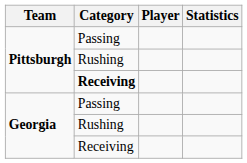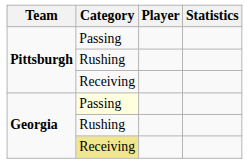 <table class="wikitable" style="float: right;">
 <tr>
 <th>Team</th>
 <th>Category</th>
 <th>Player</th>
 <th>Statistics</th>
 </tr>
 <tr>
 <td rowspan=3><strong>Pittsburgh</strong></td>
 <td>Passing</td>
 <td></td>
 <td></td>
 </tr>
 <tr>
 <td>Rushing</td>
 <td></td>
 <td></td>
 </tr>
 <tr>
-<td><strong>Receiving</strong></td>
+<td>Receiving</td>
 <td></td>
 <td></td>
 </tr>
 <tr>
 <td rowspan=3><strong>Georgia</strong></td>
-<td>Passing</td>
+<td style="background: lightyellow;">Passing</td>
 <td></td>
 <td></td>
 </tr>
 <tr>
 <td>Rushing</td>
 <td></td>
 <td></td>
 </tr>
 <tr>
-<td>Receiving</td>
+<td style="background: khaki;">Receiving</td>
 <td></td>
 <td></td>
 </tr>
 </table>
